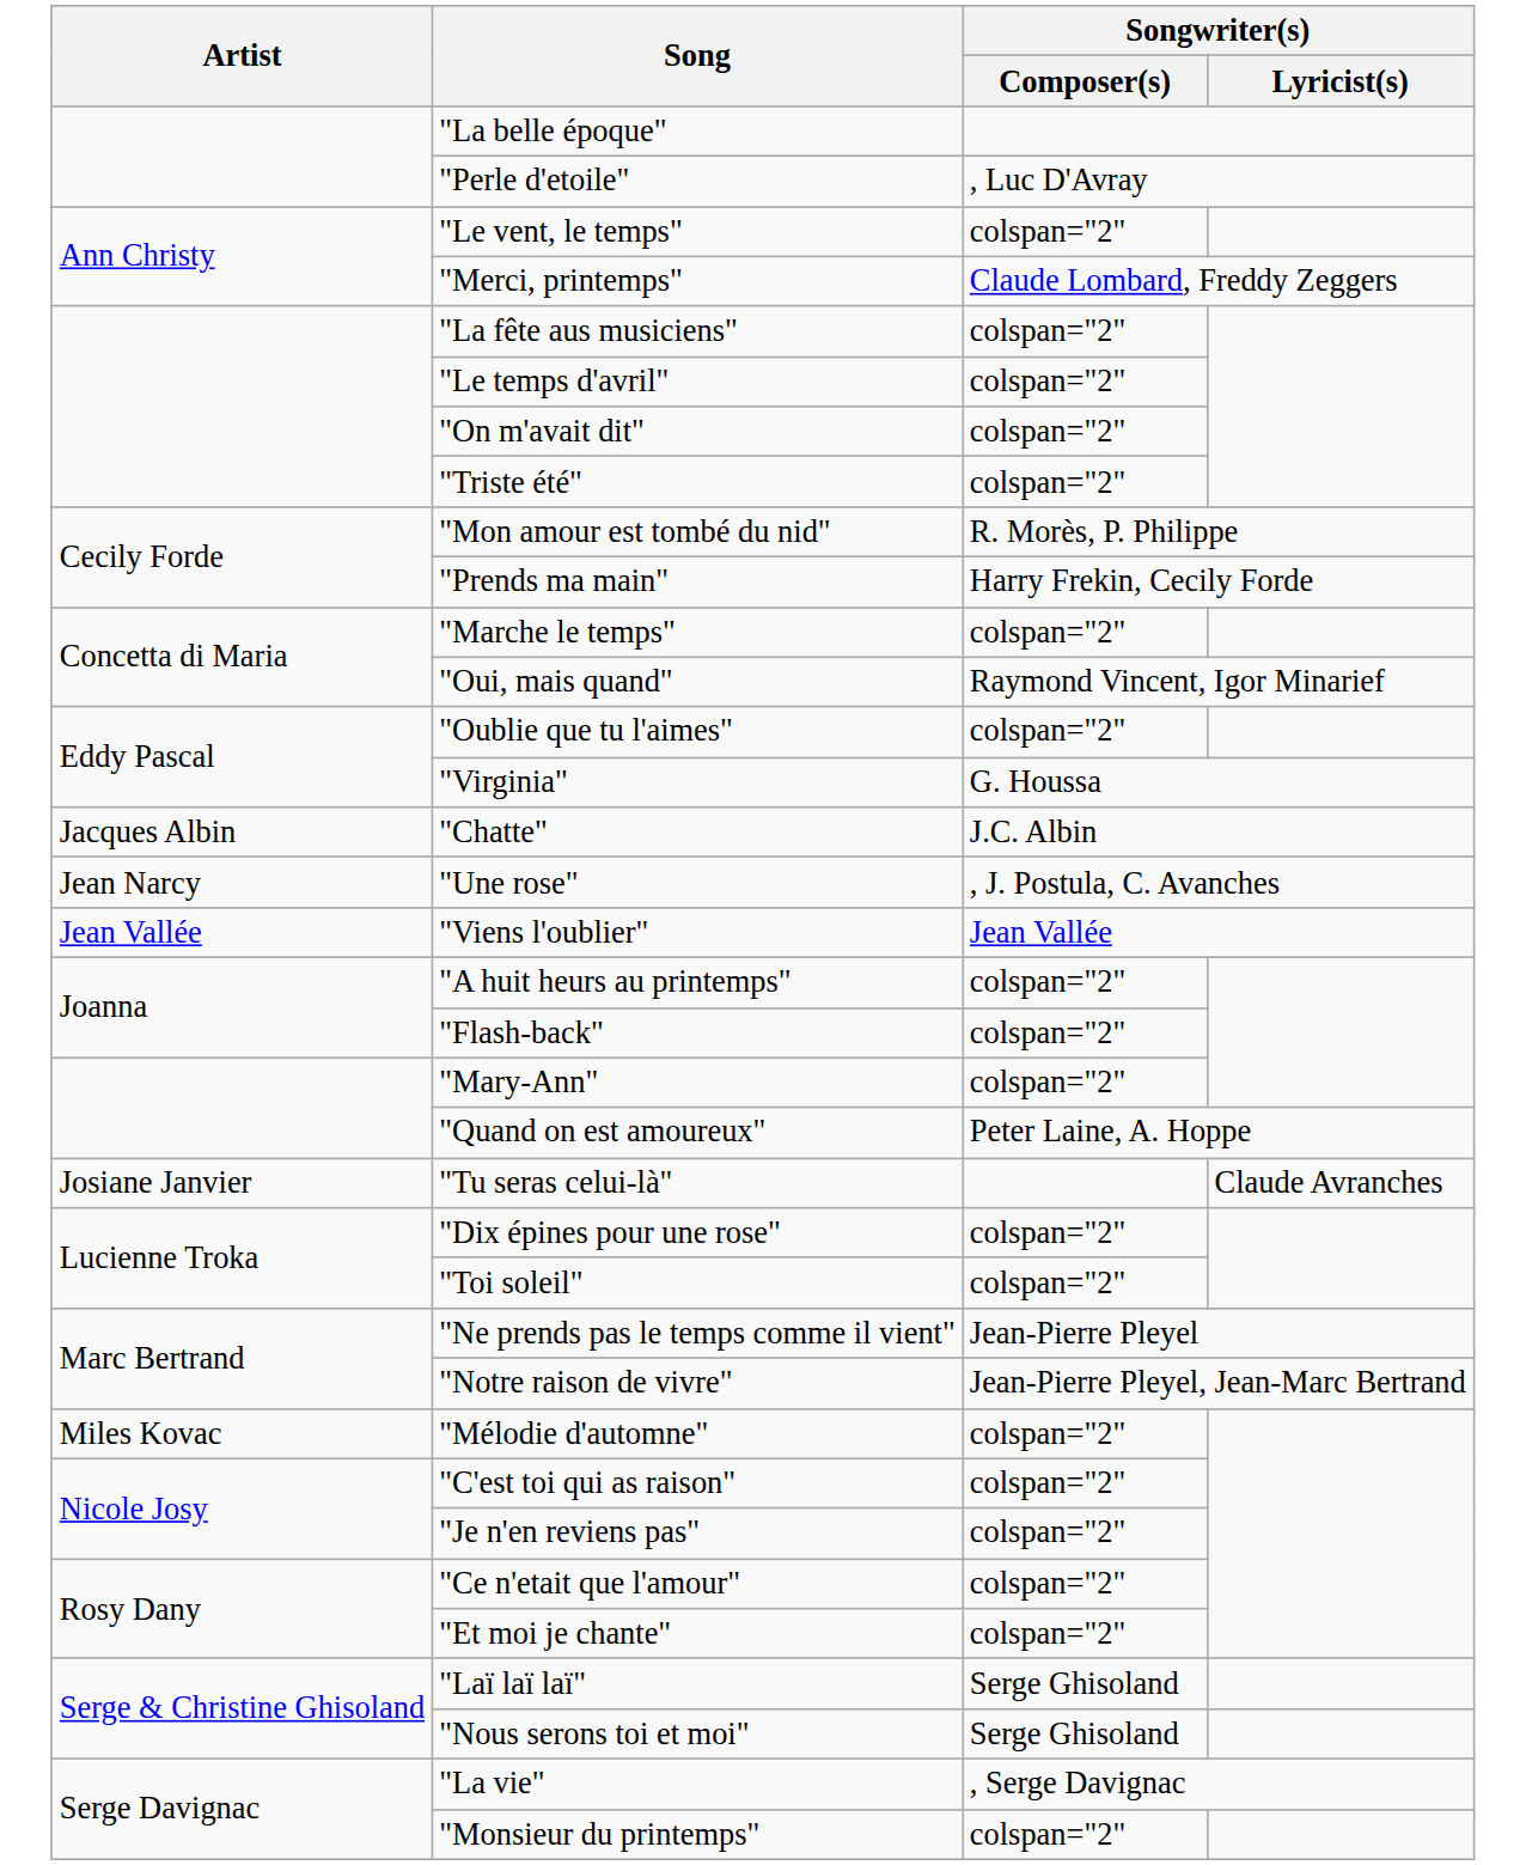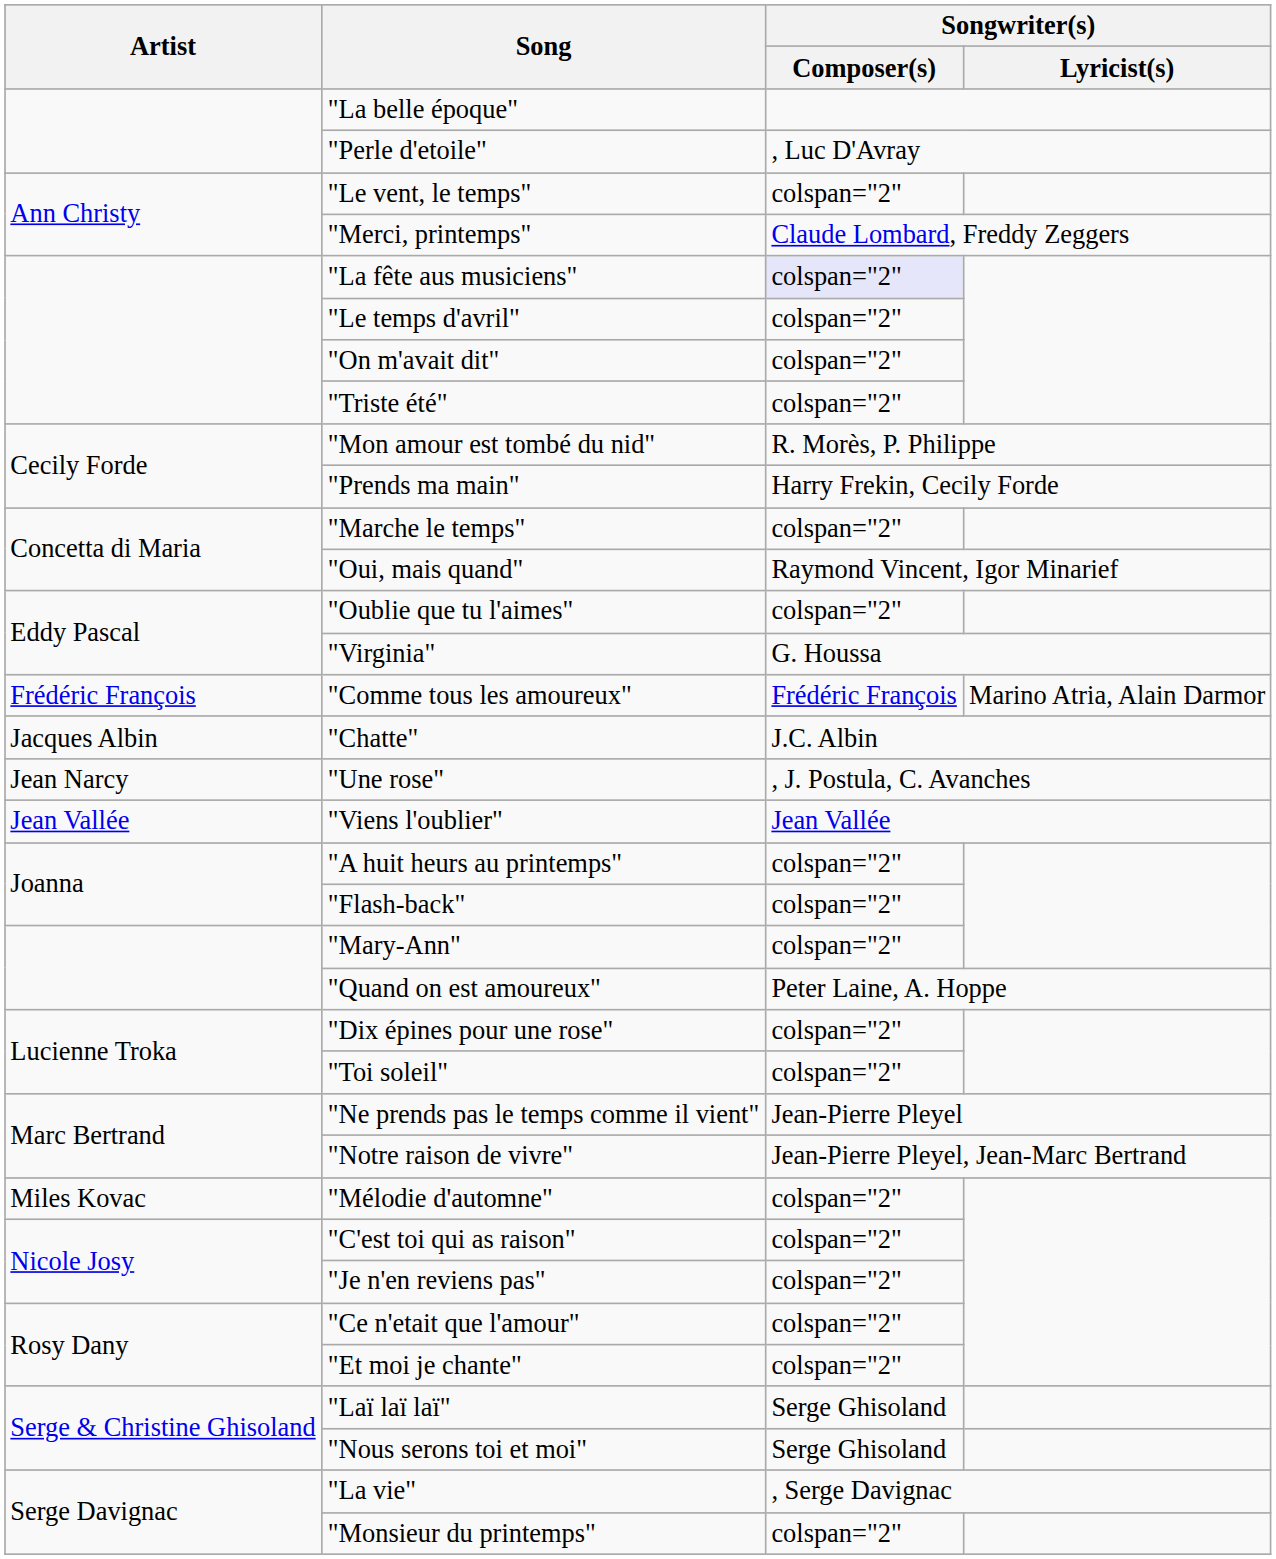 <table class="sortable wikitable" style="margin: 1em auto 1em auto; text-align:left">
 <tr>
 <th rowspan="2">Artist</th>
 <th rowspan="2">Song</th>
 <th colspan="2">Songwriter(s)</th>
 </tr>
 <tr>
 <th>Composer(s)</th>
 <th>Lyricist(s)</th>
 </tr>
 <tr>
 <td rowspan="2"></td>
 <td>"La belle époque"</td>
 <td colspan="2"></td>
 </tr>
 <tr>
 <td>"Perle d'etoile"</td>
 <td colspan="2">, Luc D'Avray</td>
 </tr>
 <tr>
 <td rowspan="2"><a href='#'>Ann Christy</a></td>
 <td>"Le vent, le temps"</td>
 <td>colspan="2" </td>
 </tr>
 <tr>
 <td>"Merci, printemps"</td>
 <td colspan="2"><a href='#'>Claude Lombard</a>, Freddy Zeggers</td>
 </tr>
 <tr>
 <td rowspan="4"></td>
 <td>"La fête aus musiciens"</td>
-<td>colspan="2" </td>
+<td style="background: lavender;">colspan="2" </td>
 </tr>
 <tr>
 <td>"Le temps d'avril"</td>
 <td>colspan="2" </td>
 </tr>
 <tr>
 <td>"On m'avait dit"</td>
 <td>colspan="2" </td>
 </tr>
 <tr>
 <td>"Triste été"</td>
 <td>colspan="2" </td>
 </tr>
 <tr>
 <td rowspan="2">Cecily Forde</td>
 <td>"Mon amour est tombé du nid"</td>
 <td colspan="2">R. Morès, P. Philippe</td>
 </tr>
 <tr>
 <td>"Prends ma main"</td>
 <td colspan="2">Harry Frekin, Cecily Forde</td>
 </tr>
 <tr>
 <td rowspan="2">Concetta di Maria</td>
 <td>"Marche le temps"</td>
 <td>colspan="2" </td>
 </tr>
 <tr>
 <td>"Oui, mais quand"</td>
 <td colspan="2">Raymond Vincent, Igor Minarief</td>
 </tr>
 <tr>
 <td rowspan="2">Eddy Pascal</td>
 <td>"Oublie que tu l'aimes"</td>
 <td>colspan="2" </td>
 </tr>
 <tr>
 <td>"Virginia"</td>
 <td colspan="2">G. Houssa</td>
 </tr>
 <tr>
+<td><a href='#'>Frédéric François</a></td>
+<td>"Comme tous les amoureux"</td>
+<td><a href='#'>Frédéric François</a></td>
+<td>Marino Atria, Alain Darmor</td>
+</tr>
+<tr>
 <td>Jacques Albin</td>
 <td>"Chatte"</td>
 <td colspan="2">J.C. Albin</td>
 </tr>
 <tr>
 <td>Jean Narcy</td>
 <td>"Une rose"</td>
 <td colspan="2">, J. Postula, C. Avanches</td>
 </tr>
 <tr>
 <td><a href='#'>Jean Vallée</a></td>
 <td>"Viens l'oublier"</td>
 <td colspan="2"><a href='#'>Jean Vallée</a></td>
 </tr>
 <tr>
 <td rowspan="2">Joanna</td>
 <td>"A huit heurs au printemps"</td>
 <td>colspan="2" </td>
 </tr>
 <tr>
 <td>"Flash-back"</td>
 <td>colspan="2" </td>
 </tr>
 <tr>
 <td rowspan="2"></td>
 <td>"Mary-Ann"</td>
 <td>colspan="2" </td>
 </tr>
 <tr>
 <td>"Quand on est amoureux"</td>
 <td colspan="2">Peter Laine, A. Hoppe</td>
-</tr>
-<tr>
-<td>Josiane Janvier</td>
-<td>"Tu seras celui-là"</td>
-<td></td>
-<td>Claude Avranches</td>
 </tr>
 <tr>
 <td rowspan="2">Lucienne Troka</td>
 <td>"Dix épines pour une rose"</td>
 <td>colspan="2" </td>
 </tr>
 <tr>
 <td>"Toi soleil"</td>
 <td>colspan="2" </td>
 </tr>
 <tr>
 <td rowspan="2">Marc Bertrand</td>
 <td>"Ne prends pas le temps comme il vient"</td>
 <td colspan="2">Jean-Pierre Pleyel</td>
 </tr>
 <tr>
 <td>"Notre raison de vivre"</td>
 <td colspan="2">Jean-Pierre Pleyel, Jean-Marc Bertrand</td>
 </tr>
 <tr>
 <td>Miles Kovac</td>
 <td>"Mélodie d'automne"</td>
 <td>colspan="2" </td>
 </tr>
 <tr>
 <td rowspan="2"><a href='#'>Nicole Josy</a></td>
 <td>"C'est toi qui as raison"</td>
 <td>colspan="2" </td>
 </tr>
 <tr>
 <td>"Je n'en reviens pas"</td>
 <td>colspan="2" </td>
 </tr>
 <tr>
 <td rowspan="2">Rosy Dany</td>
 <td>"Ce n'etait que l'amour"</td>
 <td>colspan="2" </td>
 </tr>
 <tr>
 <td>"Et moi je chante"</td>
 <td>colspan="2" </td>
 </tr>
 <tr>
 <td rowspan="2"><a href='#'>Serge & Christine Ghisoland</a></td>
 <td>"Laï laï laï"</td>
 <td>Serge Ghisoland</td>
 <td></td>
 </tr>
 <tr>
 <td>"Nous serons toi et moi"</td>
 <td>Serge Ghisoland</td>
 <td></td>
 </tr>
 <tr>
 <td rowspan="2">Serge Davignac</td>
 <td>"La vie"</td>
 <td colspan="2">, Serge Davignac</td>
 </tr>
 <tr>
 <td>"Monsieur du printemps"</td>
 <td>colspan="2" </td>
 </tr>
 </table>
